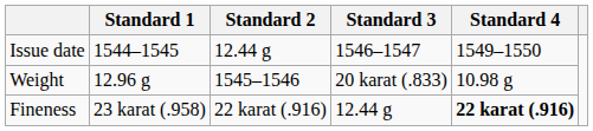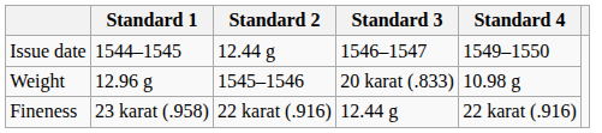 <table class="wikitable">
 <tr>
 <th></th>
 <th>Standard 1</th>
 <th>Standard 2</th>
 <th>Standard 3</th>
 <th>Standard 4</th>
 <th></th>
 </tr>
 <tr>
 <td>Issue date</td>
 <td>1544–1545</td>
 <td>12.44 g</td>
 <td>1546–1547</td>
 <td>1549–1550</td>
 <td rowspan="3"></td>
 </tr>
 <tr>
 <td>Weight</td>
 <td>12.96 g</td>
 <td>1545–1546</td>
 <td>20 karat (.833)</td>
 <td>10.98 g</td>
 </tr>
 <tr>
 <td>Fineness</td>
 <td>23 karat (.958)</td>
 <td>22 karat (.916)</td>
 <td>12.44 g</td>
-<td><strong>22 karat (.916)</strong></td>
+<td>22 karat (.916)</td>
 </tr>
 </table>
